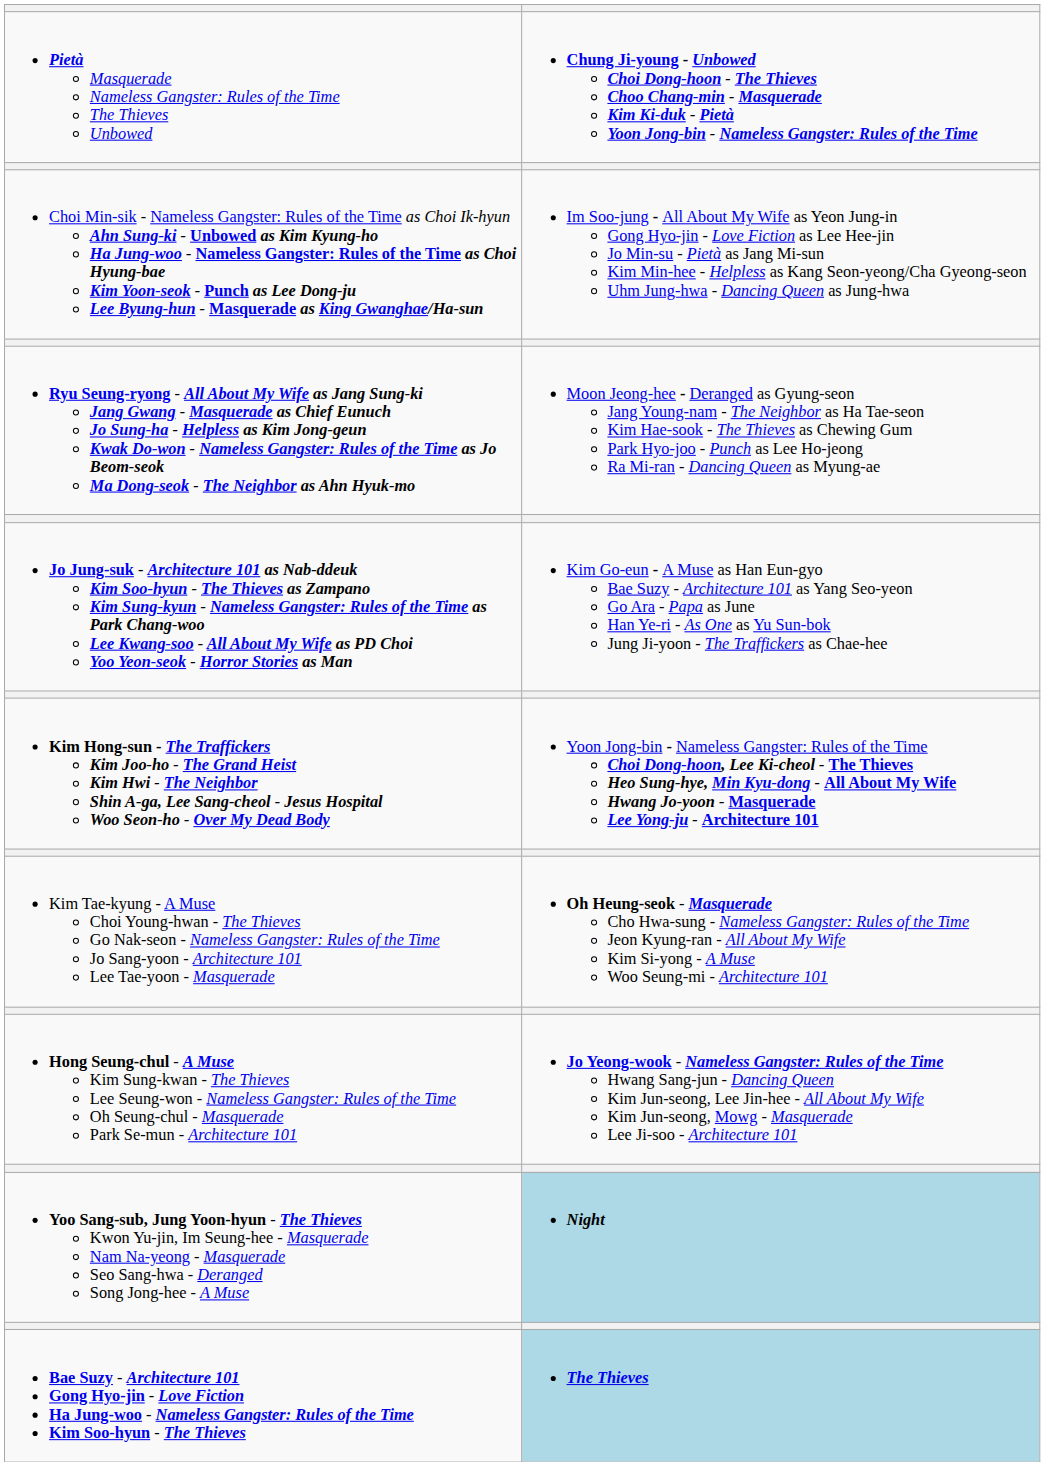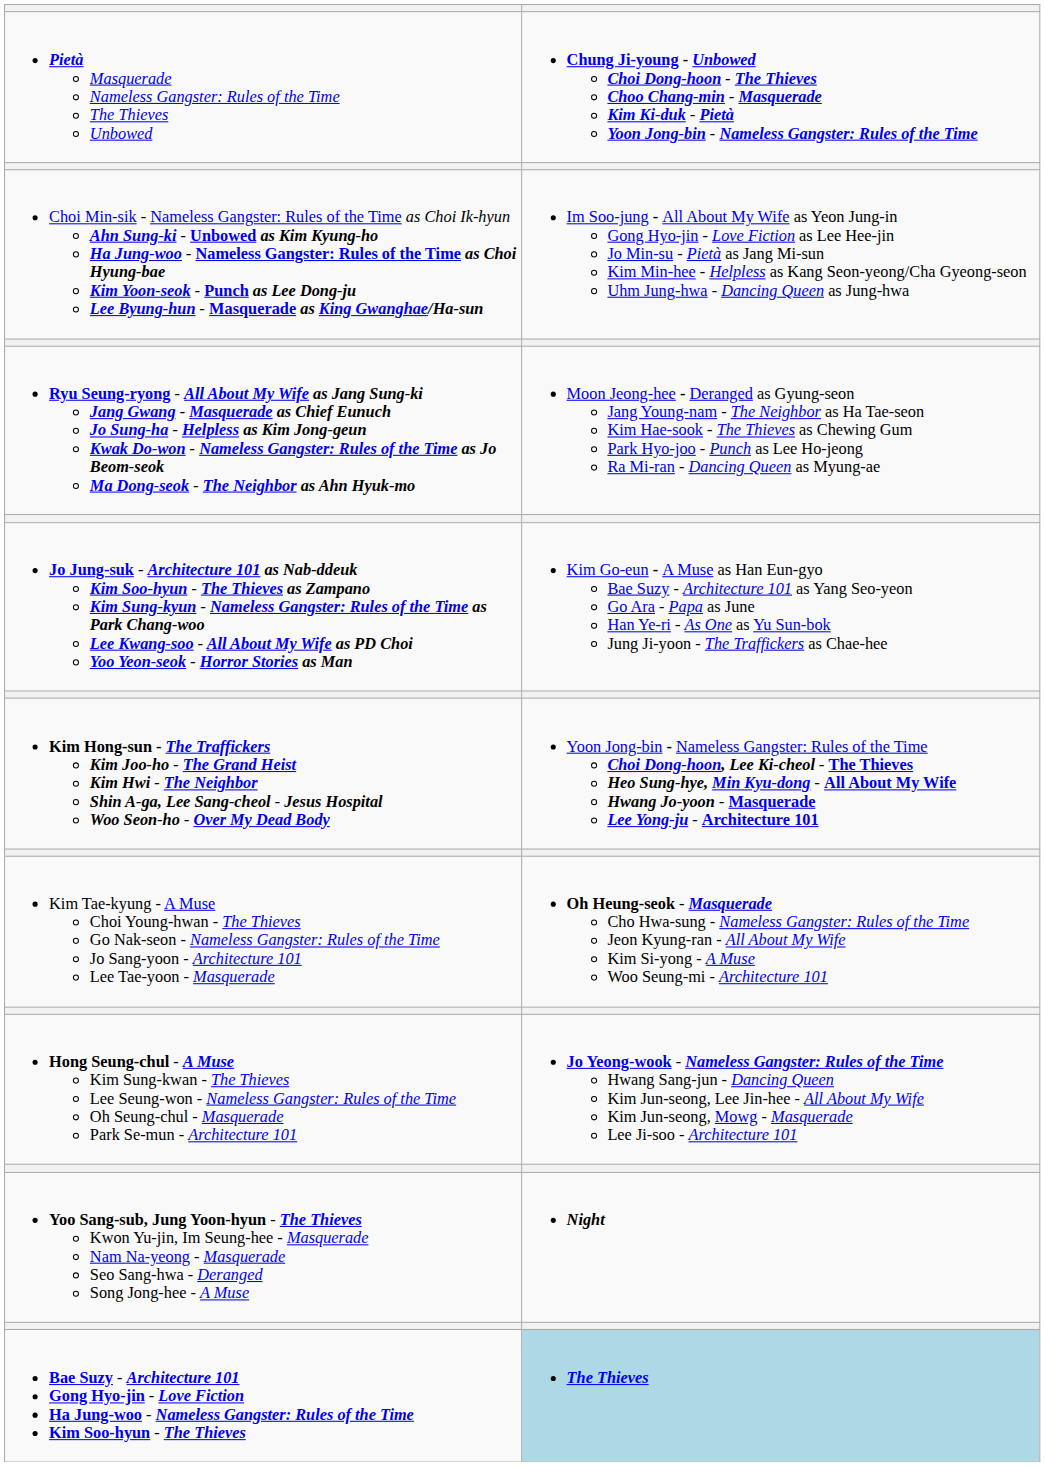 <table class=wikitable>
 <tr>
 <th style="width:500px;"></th>
 <th style="width:500px;"></th>
 </tr>
 <tr>
 <td valign="top"><br><ul><li><strong><em><a href='#'>Pietà</a></em></strong><ul><li><em><a href='#'>Masquerade</a></em></li><li><em><a href='#'>Nameless Gangster: Rules of the Time</a></em></li><li><em><a href='#'>The Thieves</a></em></li><li><em><a href='#'>Unbowed</a></em></li></ul></li></ul></td>
 <td valign="top"><br><ul><li><strong><a href='#'>Chung Ji-young</a> - <em><a href='#'>Unbowed</a><strong><em><ul><li><a href='#'>Choi Dong-hoon</a> - </em><a href='#'>The Thieves</a><em></li><li><a href='#'>Choo Chang-min</a> - </em><a href='#'>Masquerade</a><em></li><li><a href='#'>Kim Ki-duk</a> - </em><a href='#'>Pietà</a><em></li><li><a href='#'>Yoon Jong-bin</a> - </em><a href='#'>Nameless Gangster: Rules of the Time</a><em></li></ul></li></ul></td>
 </tr>
 <tr>
 <th></th>
 <th></th>
 </tr>
 <tr>
 <td valign="top"><br><ul><li></strong><a href='#'>Choi Min-sik</a> - </em><a href='#'>Nameless Gangster: Rules of the Time</a><em> as Choi Ik-hyun<strong><ul><li><a href='#'>Ahn Sung-ki</a> - </em><a href='#'>Unbowed</a><em> as Kim Kyung-ho</li><li><a href='#'>Ha Jung-woo</a> - </em><a href='#'>Nameless Gangster: Rules of the Time</a><em> as Choi Hyung-bae</li><li><a href='#'>Kim Yoon-seok</a> - </em><a href='#'>Punch</a><em> as Lee Dong-ju</li><li><a href='#'>Lee Byung-hun</a> - </em><a href='#'>Masquerade</a><em> as <a href='#'>King Gwanghae</a>/Ha-sun</li></ul></li></ul></td>
 <td valign="top"><br><ul><li></strong><a href='#'>Im Soo-jung</a><strong> - </em></strong><a href='#'>All About My Wife</a></em> as Yeon Jung-in</strong><ul><li><a href='#'>Gong Hyo-jin</a> - <em><a href='#'>Love Fiction</a></em> as Lee Hee-jin</li><li><a href='#'>Jo Min-su</a> - <em><a href='#'>Pietà</a></em> as Jang Mi-sun</li><li><a href='#'>Kim Min-hee</a> - <em><a href='#'>Helpless</a></em> as Kang Seon-yeong/Cha Gyeong-seon</li><li><a href='#'>Uhm Jung-hwa</a> - <em><a href='#'>Dancing Queen</a></em> as Jung-hwa</li></ul></li></ul></td>
 </tr>
 <tr>
 <th></th>
 <th></th>
 </tr>
 <tr>
 <td valign="top"><br><ul><li><strong><a href='#'>Ryu Seung-ryong</a></strong> - <strong><em><a href='#'>All About My Wife</a><em> as Jang Sung-ki<strong><ul><li><a href='#'>Jang Gwang</a> - </em><a href='#'>Masquerade</a><em> as Chief Eunuch</li><li><a href='#'>Jo Sung-ha</a> - </em><a href='#'>Helpless</a><em> as Kim Jong-geun</li><li><a href='#'>Kwak Do-won</a> - </em><a href='#'>Nameless Gangster: Rules of the Time</a><em> as Jo Beom-seok</li><li><a href='#'>Ma Dong-seok</a> - </em><a href='#'>The Neighbor</a><em> as Ahn Hyuk-mo</li></ul></li></ul></td>
 <td valign="top"><br><ul><li></strong><a href='#'>Moon Jeong-hee</a><strong> - </em></strong><a href='#'>Deranged</a></em> as Gyung-seon</strong><ul><li><a href='#'>Jang Young-nam</a> - <em><a href='#'>The Neighbor</a></em> as Ha Tae-seon</li><li><a href='#'>Kim Hae-sook</a> - <em><a href='#'>The Thieves</a></em> as Chewing Gum</li><li><a href='#'>Park Hyo-joo</a> - <em><a href='#'>Punch</a></em> as Lee Ho-jeong</li><li><a href='#'>Ra Mi-ran</a> - <em><a href='#'>Dancing Queen</a></em> as Myung-ae</li></ul></li></ul></td>
 </tr>
 <tr>
 <th></th>
 <th></th>
 </tr>
 <tr>
 <td valign="top"><br><ul><li><strong><a href='#'>Jo Jung-suk</a></strong> - <strong><em><a href='#'>Architecture 101</a><em> as Nab-ddeuk<strong><ul><li><a href='#'>Kim Soo-hyun</a> - </em><a href='#'>The Thieves</a><em> as Zampano</li><li><a href='#'>Kim Sung-kyun</a> - </em><a href='#'>Nameless Gangster: Rules of the Time</a><em> as Park Chang-woo</li><li><a href='#'>Lee Kwang-soo</a> - </em><a href='#'>All About My Wife</a><em> as PD Choi</li><li><a href='#'>Yoo Yeon-seok</a> - </em><a href='#'>Horror Stories</a><em> as Man</li></ul></li></ul></td>
 <td valign="top"><br><ul><li></strong><a href='#'>Kim Go-eun</a><strong> - </em></strong><a href='#'>A Muse</a></em> as Han Eun-gyo</strong><ul><li><a href='#'>Bae Suzy</a> - <em><a href='#'>Architecture 101</a></em> as Yang Seo-yeon</li><li><a href='#'>Go Ara</a> - <em><a href='#'>Papa</a></em> as June</li><li><a href='#'>Han Ye-ri</a> - <em><a href='#'>As One</a></em> as <a href='#'>Yu Sun-bok</a></li><li>Jung Ji-yoon - <em><a href='#'>The Traffickers</a></em> as Chae-hee</li></ul></li></ul></td>
 </tr>
 <tr>
 <th></th>
 <th></th>
 </tr>
 <tr>
 <td valign="top"><br><ul><li><strong>Kim Hong-sun  - <em><a href='#'>The Traffickers</a><strong><em><ul><li>Kim Joo-ho - </em><a href='#'>The Grand Heist</a><em></li><li>Kim Hwi - </em><a href='#'>The Neighbor</a><em></li><li>Shin A-ga, Lee Sang-cheol - </em>Jesus Hospital<em></li><li>Woo Seon-ho - </em><a href='#'>Over My Dead Body</a><em></li></ul></li></ul></td>
 <td valign="top"><br><ul><li></strong><a href='#'>Yoon Jong-bin</a><strong> - </em></strong><a href='#'>Nameless Gangster: Rules of the Time</a><strong><em><ul><li><a href='#'>Choi Dong-hoon</a>, Lee Ki-cheol - </em><a href='#'>The Thieves</a><em></li><li>Heo Sung-hye, <a href='#'>Min Kyu-dong</a> - </em><a href='#'>All About My Wife</a><em></li><li>Hwang Jo-yoon - </em><a href='#'>Masquerade</a><em></li><li><a href='#'>Lee Yong-ju</a> - </em><a href='#'>Architecture 101</a><em></li></ul></li></ul></td>
 </tr>
 <tr>
 <th></th>
 <th></th>
 </tr>
 <tr>
 <td valign="top"><br><ul><li></strong>Kim Tae-kyung - </em><a href='#'>A Muse</a></em></strong><ul><li>Choi Young-hwan - <em><a href='#'>The Thieves</a></em></li><li>Go Nak-seon - <em><a href='#'>Nameless Gangster: Rules of the Time</a></em></li><li>Jo Sang-yoon - <em><a href='#'>Architecture 101</a></em></li><li>Lee Tae-yoon - <em><a href='#'>Masquerade</a></em></li></ul></li></ul></td>
 <td valign="top"><br><ul><li><strong>Oh Heung-seok</strong> - <strong><em><a href='#'>Masquerade</a></em></strong><ul><li>Cho Hwa-sung - <em><a href='#'>Nameless Gangster: Rules of the Time</a></em></li><li>Jeon Kyung-ran - <em><a href='#'>All About My Wife</a></em></li><li>Kim Si-yong - <em><a href='#'>A Muse</a></em></li><li>Woo Seung-mi - <em><a href='#'>Architecture 101</a></em></li></ul></li></ul></td>
 </tr>
 <tr>
 <th></th>
 <th></th>
 </tr>
 <tr>
 <td valign="top"><br><ul><li><strong>Hong Seung-chul</strong> - <strong><em><a href='#'>A Muse</a></em></strong><ul><li>Kim Sung-kwan - <em><a href='#'>The Thieves</a></em></li><li>Lee Seung-won - <em><a href='#'>Nameless Gangster: Rules of the Time</a></em></li><li>Oh Seung-chul - <em><a href='#'>Masquerade</a></em></li><li>Park Se-mun - <em><a href='#'>Architecture 101</a></em></li></ul></li></ul></td>
 <td valign="top"><br><ul><li><strong><a href='#'>Jo Yeong-wook</a></strong> - <strong><em><a href='#'>Nameless Gangster: Rules of the Time</a></em></strong><ul><li>Hwang Sang-jun - <em><a href='#'>Dancing Queen</a></em></li><li>Kim Jun-seong, Lee Jin-hee - <em><a href='#'>All About My Wife</a></em></li><li>Kim Jun-seong, <a href='#'>Mowg</a> - <em><a href='#'>Masquerade</a></em></li><li>Lee Ji-soo - <em><a href='#'>Architecture 101</a></em></li></ul></li></ul></td>
 </tr>
 <tr>
 <th></th>
 <th></th>
 </tr>
 <tr>
 <td valign="top"><br><ul><li><strong>Yoo Sang-sub, Jung Yoon-hyun</strong> - <strong><em><a href='#'>The Thieves</a></em></strong><ul><li>Kwon Yu-jin, Im Seung-hee - <em><a href='#'>Masquerade</a></em></li><li><a href='#'>Nam Na-yeong</a>  - <em><a href='#'>Masquerade</a></em></li><li>Seo Sang-hwa - <em><a href='#'>Deranged</a></em></li><li>Song Jong-hee - <em><a href='#'>A Muse</a></em></li></ul></li></ul></td>
-<td valign="top" style="background: lightblue;"><br><ul><li><strong><em>Night</em></strong></li></ul></td>
+<td valign="top"><br><ul><li><strong><em>Night</em></strong></li></ul></td>
 </tr>
 <tr>
 <th></th>
 <th></th>
 </tr>
 <tr>
 <td valign="top"><br><ul><li><strong><a href='#'>Bae Suzy</a></strong> - <strong><em><a href='#'>Architecture 101</a></em></strong></li><li><strong><a href='#'>Gong Hyo-jin</a></strong> - <strong><em><a href='#'>Love Fiction</a></em></strong></li><li><strong><a href='#'>Ha Jung-woo</a></strong> - <strong><em><a href='#'>Nameless Gangster: Rules of the Time</a></em></strong></li><li><strong><a href='#'>Kim Soo-hyun</a></strong> - <strong><em><a href='#'>The Thieves</a></em></strong></li></ul></td>
 <td valign="top" style="background: lightblue;"><br><ul><li><strong><em><a href='#'>The Thieves</a></em></strong></li></ul></td>
 </tr>
 </table>
